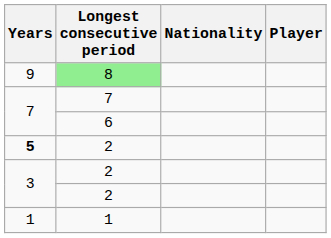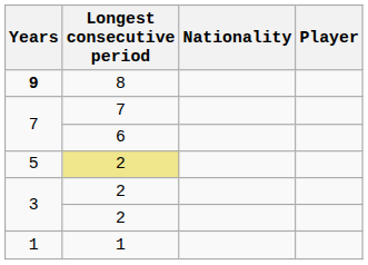 <table class="wikitable sortable">
 <tr>
 <th scope="col">Years</th>
 <th scope="col">Longest <br> consecutive <br> period</th>
 <th scope="col">Nationality</th>
 <th scope="col">Player</th>
 </tr>
 <tr>
-<td align=center>9</td>
-<td align=center style="background: lightgreen;">8</td>
+<td align=center><strong>9</strong></td>
+<td align=center>8</td>
 <td></td>
 <td></td>
 </tr>
 <tr>
 <td rowspan=2 align=center>7</td>
 <td align=center>7</td>
 <td></td>
 <td></td>
 </tr>
 <tr>
 <td align=center>6</td>
 <td></td>
 <td></td>
 </tr>
 <tr>
-<td align=center><strong>5</strong></td>
-<td align=center>2</td>
+<td align=center>5</td>
+<td align=center style="background: khaki;">2</td>
 <td></td>
 <td></td>
 </tr>
 <tr>
 <td rowspan="2" align=center>3</td>
 <td align=center>2</td>
 <td></td>
 <td></td>
 </tr>
 <tr>
 <td align=center>2</td>
 <td></td>
 <td></td>
 </tr>
 <tr>
 <td align=center>1</td>
 <td align=center>1</td>
 <td></td>
 <td></td>
 </tr>
 </table>
